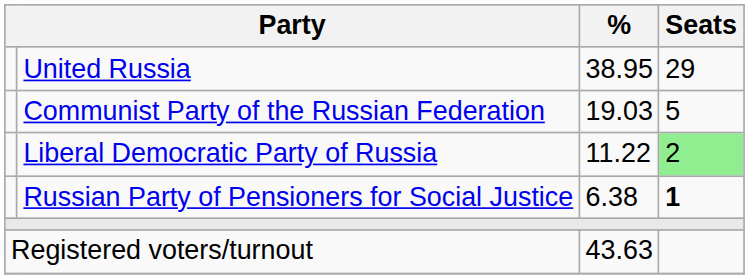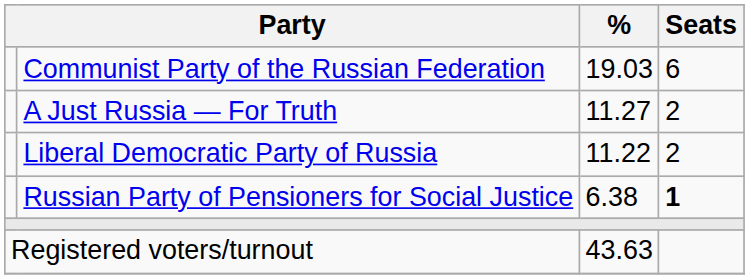 <table class="wikitable">
 <tr>
 <th colspan=2>Party</th>
 <th>%</th>
 <th>Seats</th>
 </tr>
 <tr>
 <td style="background:"></td>
-<td><a href='#'>United Russia</a></td>
-<td>38.95</td>
-<td>29</td>
+<td><a href='#'>Communist Party of the Russian Federation</a></td>
+<td>19.03</td>
+<td>6</td>
 </tr>
 <tr>
 <td style="background:"></td>
-<td><a href='#'>Communist Party of the Russian Federation</a></td>
-<td>19.03</td>
-<td>5</td>
+<td><a href='#'>A Just Russia — For Truth</a></td>
+<td>11.27</td>
+<td>2</td>
 </tr>
 <tr>
 <td style="background:"></td>
 <td><a href='#'>Liberal Democratic Party of Russia</a></td>
 <td>11.22</td>
-<td style="background: lightgreen;">2</td>
+<td>2</td>
 </tr>
 <tr>
 <td style="background:"></td>
 <td><a href='#'>Russian Party of Pensioners for Social Justice</a></td>
 <td>6.38</td>
 <td><strong>1</strong></td>
 </tr>
 <tr>
 <td colspan=4 style="background:#E9E9E9;"></td>
 </tr>
 <tr>
 <td align=left colspan=2>Registered voters/turnout</td>
 <td>43.63</td>
 <td></td>
 </tr>
 <tr>
 </tr>
 </table>
